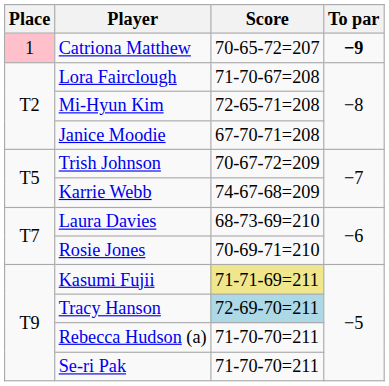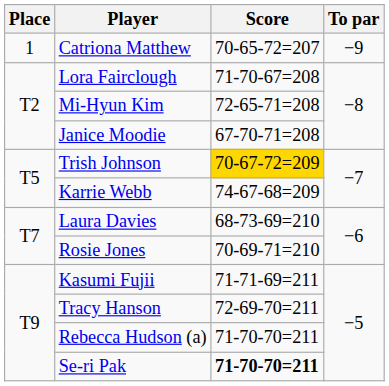 <table class="wikitable">
 <tr>
 <th>Place</th>
 <th>Player</th>
 <th>Score</th>
 <th>To par</th>
 </tr>
 <tr>
-<td align=center style="background: pink;">1</td>
+<td align=center>1</td>
 <td> <a href='#'>Catriona Matthew</a></td>
 <td>70-65-72=207</td>
-<td align=center><strong>−9</strong></td>
+<td align=center>−9</td>
 </tr>
 <tr>
 <td align=center rowspan=3>T2</td>
 <td> <a href='#'>Lora Fairclough</a></td>
 <td>71-70-67=208</td>
 <td align=center rowspan=3>−8</td>
 </tr>
 <tr>
 <td> <a href='#'>Mi-Hyun Kim</a></td>
 <td>72-65-71=208</td>
 </tr>
 <tr>
 <td> <a href='#'>Janice Moodie</a></td>
 <td>67-70-71=208</td>
 </tr>
 <tr>
 <td align=center rowspan=2>T5</td>
 <td> <a href='#'>Trish Johnson</a></td>
-<td>70-67-72=209</td>
+<td style="background: gold;">70-67-72=209</td>
 <td align=center rowspan=2>−7</td>
 </tr>
 <tr>
 <td> <a href='#'>Karrie Webb</a></td>
 <td>74-67-68=209</td>
 </tr>
 <tr>
 <td align=center rowspan=2>T7</td>
 <td> <a href='#'>Laura Davies</a></td>
 <td>68-73-69=210</td>
 <td align=center rowspan=2>−6</td>
 </tr>
 <tr>
 <td> <a href='#'>Rosie Jones</a></td>
 <td>70-69-71=210</td>
 </tr>
 <tr>
 <td align=center rowspan=4>T9</td>
 <td> <a href='#'>Kasumi Fujii</a></td>
-<td style="background: khaki;">71-71-69=211</td>
+<td>71-71-69=211</td>
 <td align=center rowspan=4>−5</td>
 </tr>
 <tr>
 <td> <a href='#'>Tracy Hanson</a></td>
-<td style="background: lightblue;">72-69-70=211</td>
+<td>72-69-70=211</td>
 </tr>
 <tr>
 <td> <a href='#'>Rebecca Hudson</a> (a)</td>
 <td>71-70-70=211</td>
 </tr>
 <tr>
 <td> <a href='#'>Se-ri Pak</a></td>
-<td>71-70-70=211</td>
+<td><strong>71-70-70=211</strong></td>
 </tr>
 </table>
